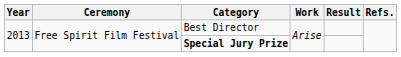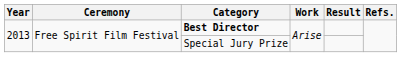 <table class="wikitable">
 <tr>
 <th>Year</th>
 <th>Ceremony</th>
 <th>Category</th>
 <th>Work</th>
 <th>Result</th>
 <th>Refs.</th>
 </tr>
 <tr>
 <td rowspan="2">2013</td>
 <td rowspan="2">Free Spirit Film Festival</td>
-<td>Best Director</td>
+<td><strong>Best Director</strong></td>
 <td rowspan="2"><em>Arise</em></td>
 <td></td>
 <td rowspan="2"></td>
 </tr>
 <tr>
-<td><strong>Special Jury Prize</strong></td>
+<td>Special Jury Prize</td>
 <td></td>
 </tr>
 </table>
